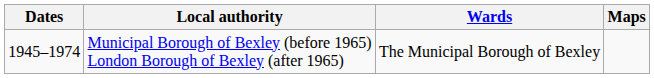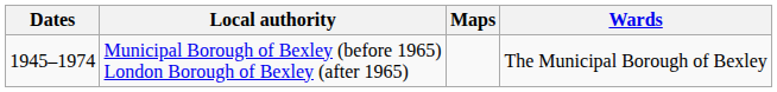 <table class=wikitable>
 <tr>
 <th>Dates</th>
 <th>Local authority</th>
+<th>Maps</th>
 <th><a href='#'>Wards</a></th>
-<th>Maps</th>
 </tr>
 <tr>
 <td>1945–1974</td>
 <td><a href='#'>Municipal Borough of Bexley</a> (before 1965)<br><a href='#'>London Borough of Bexley</a> (after 1965)</td>
+<td></td>
 <td>The Municipal Borough of Bexley</td>
-<td></td>
 </tr>
 </table>
